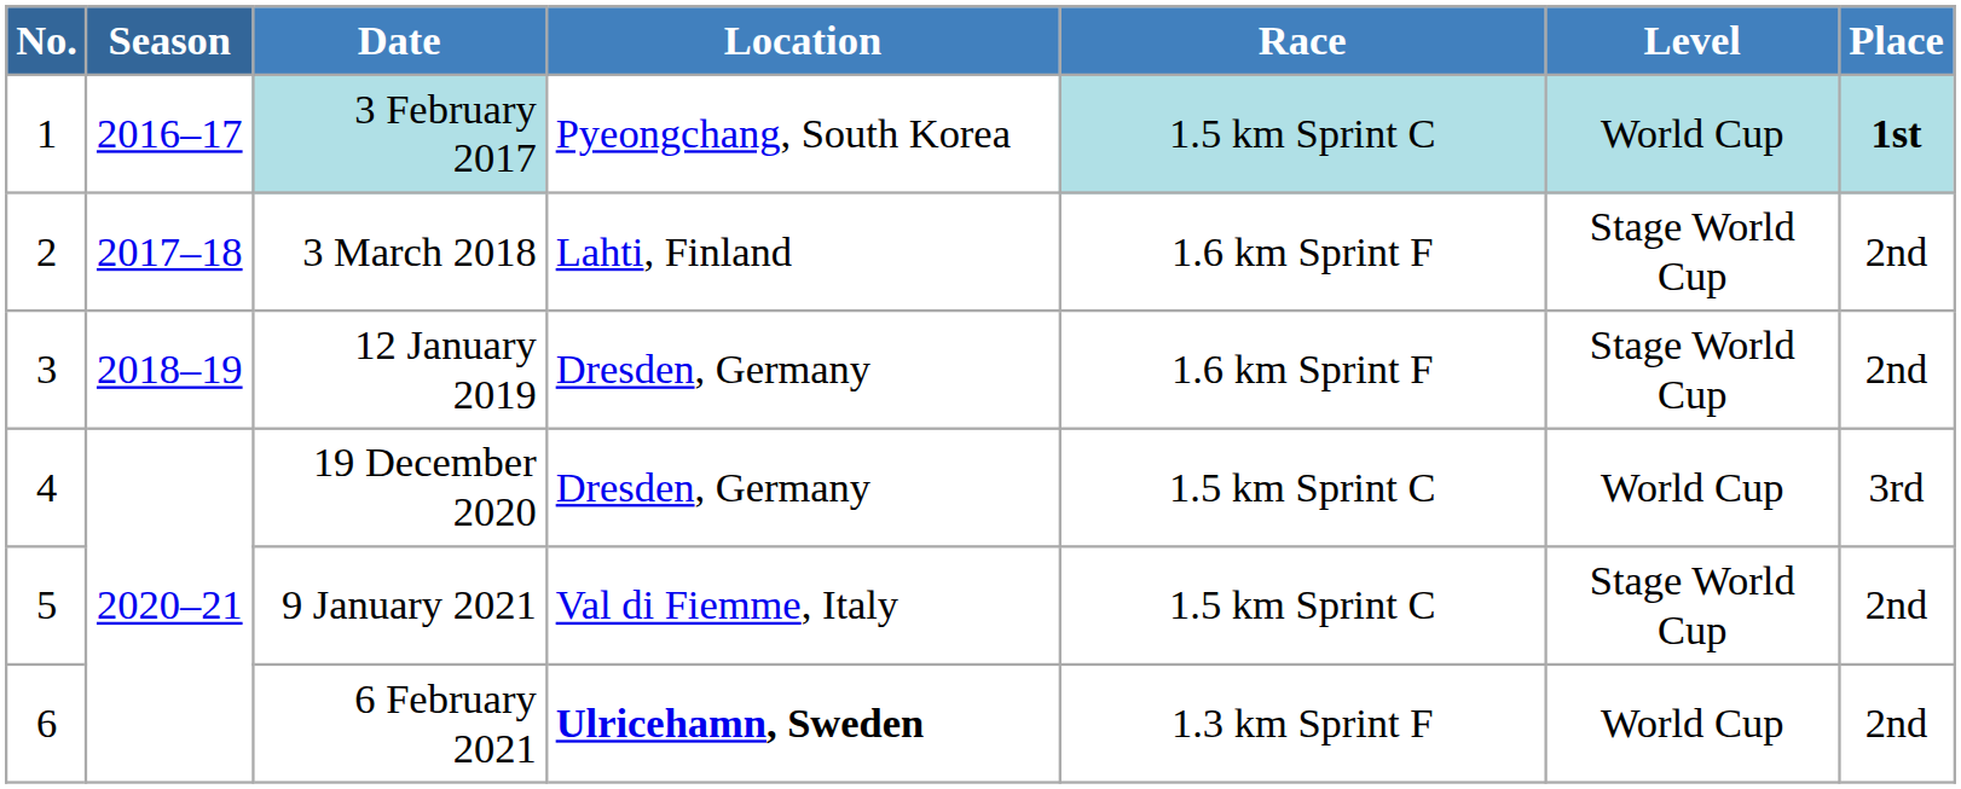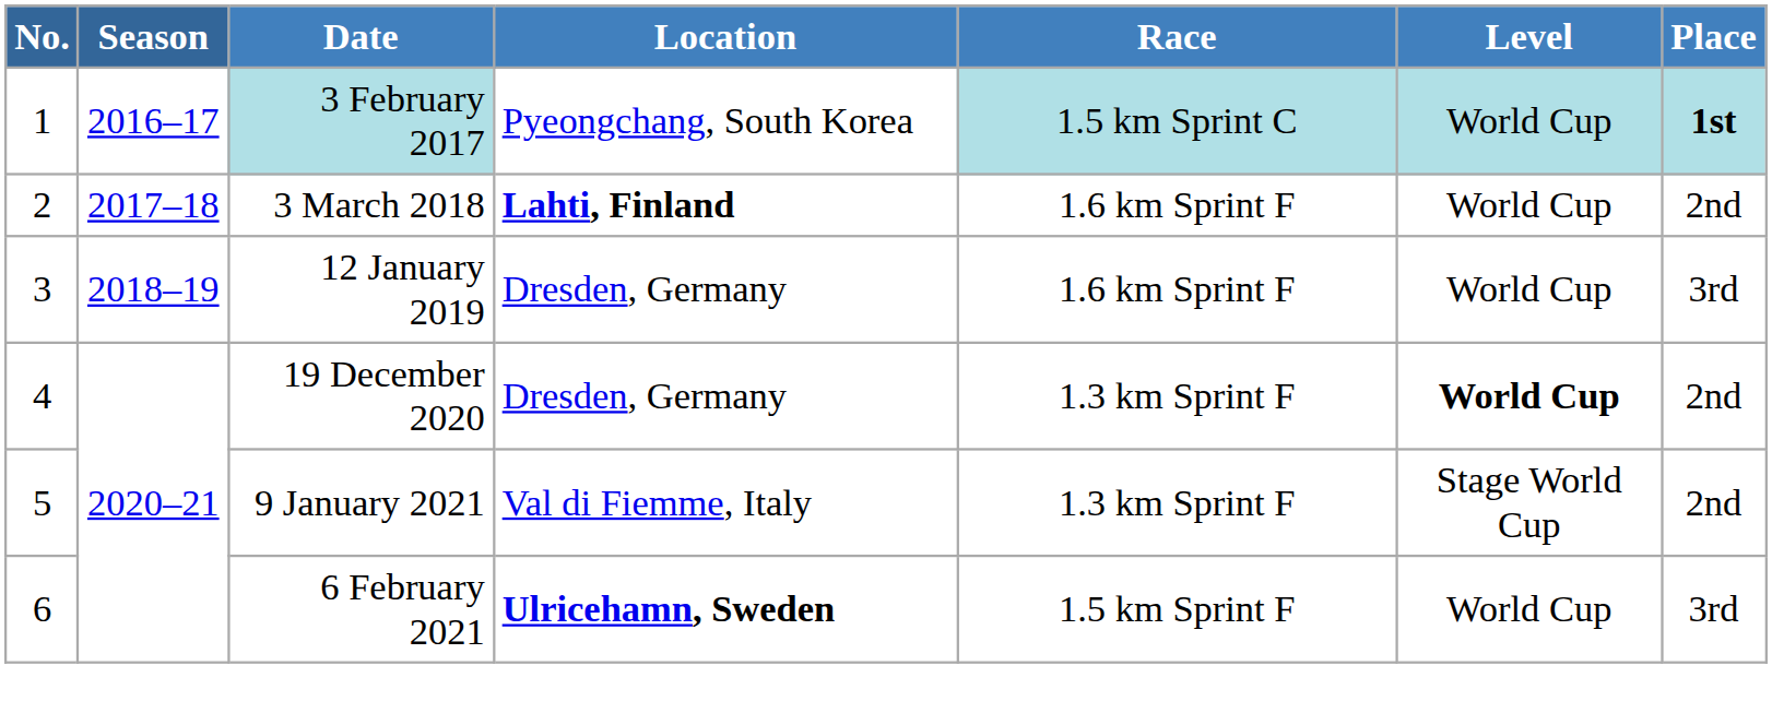 <table class="wikitable sortable" style="font-size:95%; text-align:center; border:grey solid 1px; border-collapse:collapse; background:#ffffff;">
 <tr style="background:#efefef;">
 <th style="background-color:#369; color:white;">No.</th>
 <th style="background-color:#369; color:white;">Season</th>
 <th style="background-color:#4180be; color:white; width:100px;">Date</th>
 <th style="background-color:#4180be; color:white; width:180px;">Location</th>
 <th style="background-color:#4180be; color:white; width:170px;">Race</th>
 <th style="background-color:#4180be; color:white; width:100px;">Level</th>
 <th style="background-color:#4180be; color:white;">Place</th>
 </tr>
 <tr>
 <td align=center>1</td>
 <td align=center><a href='#'>2016–17</a></td>
 <td bgcolor="#BOEOE6" align=right>3 February 2017</td>
 <td align=left> <a href='#'>Pyeongchang</a>, South Korea</td>
 <td bgcolor="#BOEOE6">1.5 km Sprint C</td>
 <td bgcolor="#BOEOE6">World Cup</td>
 <td bgcolor="#BOEOE6"><strong>1st</strong></td>
 </tr>
 <tr>
 <td align=center>2</td>
 <td align=center><a href='#'>2017–18</a></td>
 <td align=right>3 March 2018</td>
-<td align=left> <a href='#'>Lahti</a>, Finland</td>
+<td align=left><strong> <a href='#'>Lahti</a>, Finland</strong></td>
 <td>1.6 km Sprint F</td>
-<td>Stage World Cup</td>
+<td>World Cup</td>
 <td>2nd</td>
 </tr>
 <tr>
 <td align=center>3</td>
 <td align=center><a href='#'>2018–19</a></td>
 <td align=right>12 January 2019</td>
 <td align=left> <a href='#'>Dresden</a>, Germany</td>
 <td>1.6 km Sprint F</td>
-<td>Stage World Cup</td>
-<td>2nd</td>
+<td>World Cup</td>
+<td>3rd</td>
 </tr>
 <tr>
 <td align=center>4</td>
 <td rowspan=3 align=center><a href='#'>2020–21</a></td>
 <td align=right>19 December 2020</td>
 <td align=left> <a href='#'>Dresden</a>, Germany</td>
-<td>1.5 km Sprint C</td>
-<td>World Cup</td>
-<td>3rd</td>
+<td>1.3 km Sprint F</td>
+<td><strong>World Cup</strong></td>
+<td>2nd</td>
 </tr>
 <tr>
 <td align=center>5</td>
 <td align=right>9 January 2021</td>
 <td align=left> <a href='#'>Val di Fiemme</a>, Italy</td>
-<td>1.5 km Sprint C</td>
+<td>1.3 km Sprint F</td>
 <td>Stage World Cup</td>
 <td>2nd</td>
 </tr>
 <tr>
 <td align=center>6</td>
 <td align=right>6 February 2021</td>
 <td align=left><strong> <a href='#'>Ulricehamn</a>, Sweden</strong></td>
-<td>1.3 km Sprint F</td>
+<td>1.5 km Sprint F</td>
 <td>World Cup</td>
-<td>2nd</td>
+<td>3rd</td>
 </tr>
 </table>
